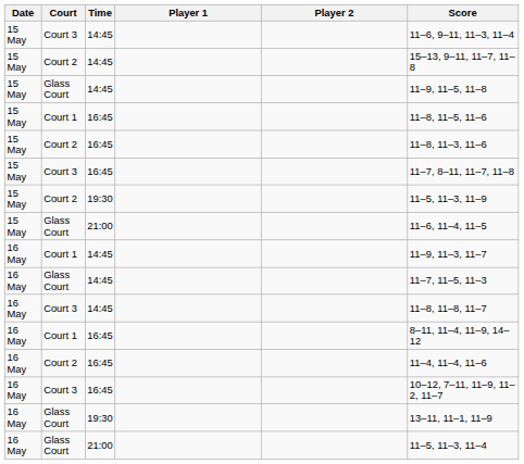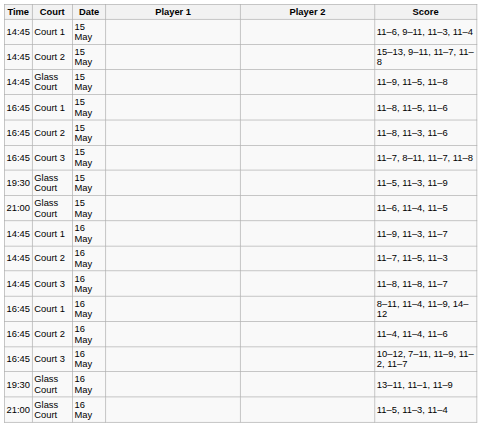 <table class="sortable wikitable" style="font-size:90%">
 <tr>
+<th width="30">Time</th>
+<th width="55">Court</th>
 <th width="45" class="unsortable">Date</th>
-<th width="55">Court</th>
-<th width="30">Time</th>
 <th width="200">Player 1</th>
 <th width="200">Player 2</th>
 <th width="150" class="unsortable">Score</th>
 </tr>
 <tr>
+<td>14:45</td>
+<td>Court 1</td>
 <td>15 May</td>
-<td>Court 3</td>
-<td>14:45</td>
 <td><strong></strong></td>
 <td></td>
 <td>11–6, 9–11, 11–3, 11–4</td>
 </tr>
 <tr>
+<td>14:45</td>
+<td>Court 2</td>
 <td>15 May</td>
-<td>Court 2</td>
-<td>14:45</td>
 <td></td>
 <td><strong></strong></td>
 <td>15–13, 9–11, 11–7, 11–8</td>
 </tr>
 <tr>
+<td>14:45</td>
+<td>Glass Court</td>
 <td>15 May</td>
-<td>Glass Court</td>
-<td>14:45</td>
 <td><strong></strong></td>
 <td></td>
 <td>11–9, 11–5, 11–8</td>
 </tr>
 <tr>
+<td>16:45</td>
+<td>Court 1</td>
 <td>15 May</td>
-<td>Court 1</td>
-<td>16:45</td>
 <td></td>
 <td><strong></strong></td>
 <td>11–8, 11–5, 11–6</td>
 </tr>
 <tr>
+<td>16:45</td>
+<td>Court 2</td>
 <td>15 May</td>
-<td>Court 2</td>
-<td>16:45</td>
 <td><strong></strong></td>
 <td></td>
 <td>11–8, 11–3, 11–6</td>
 </tr>
 <tr>
+<td>16:45</td>
+<td>Court 3</td>
 <td>15 May</td>
-<td>Court 3</td>
-<td>16:45</td>
 <td></td>
 <td><strong></strong></td>
 <td>11–7, 8–11, 11–7, 11–8</td>
 </tr>
 <tr>
+<td>19:30</td>
+<td>Glass Court</td>
 <td>15 May</td>
-<td>Court 2</td>
-<td>19:30</td>
 <td><strong></strong></td>
 <td></td>
 <td>11–5, 11–3, 11–9</td>
 </tr>
 <tr>
+<td>21:00</td>
+<td>Glass Court</td>
 <td>15 May</td>
-<td>Glass Court</td>
-<td>21:00</td>
 <td></td>
 <td><strong></strong></td>
 <td>11–6, 11–4, 11–5</td>
 </tr>
 <tr>
+<td>14:45</td>
+<td>Court 1</td>
 <td>16 May</td>
-<td>Court 1</td>
-<td>14:45</td>
 <td></td>
 <td><strong></strong></td>
 <td>11–9, 11–3, 11–7</td>
 </tr>
 <tr>
+<td>14:45</td>
+<td>Court 2</td>
 <td>16 May</td>
-<td>Glass Court</td>
-<td>14:45</td>
 <td><strong></strong></td>
 <td></td>
 <td>11–7, 11–5, 11–3</td>
 </tr>
 <tr>
+<td>14:45</td>
+<td>Court 3</td>
 <td>16 May</td>
-<td>Court 3</td>
-<td>14:45</td>
 <td></td>
 <td><strong></strong></td>
 <td>11–8, 11–8, 11–7</td>
 </tr>
 <tr>
+<td>16:45</td>
+<td>Court 1</td>
 <td>16 May</td>
-<td>Court 1</td>
-<td>16:45</td>
 <td><strong></strong></td>
 <td></td>
 <td>8–11, 11–4, 11–9, 14–12</td>
 </tr>
 <tr>
+<td>16:45</td>
+<td>Court 2</td>
 <td>16 May</td>
-<td>Court 2</td>
-<td>16:45</td>
 <td><strong></strong></td>
 <td></td>
 <td>11–4, 11–4, 11–6</td>
 </tr>
 <tr>
+<td>16:45</td>
+<td>Court 3</td>
 <td>16 May</td>
-<td>Court 3</td>
-<td>16:45</td>
 <td><strong></strong></td>
 <td></td>
 <td>10–12, 7–11, 11–9, 11–2, 11–7</td>
 </tr>
 <tr>
+<td>19:30</td>
+<td>Glass Court</td>
 <td>16 May</td>
-<td>Glass Court</td>
-<td>19:30</td>
 <td></td>
 <td><strong></strong></td>
 <td>13–11, 11–1, 11–9</td>
 </tr>
 <tr>
+<td>21:00</td>
+<td>Glass Court</td>
 <td>16 May</td>
-<td>Glass Court</td>
-<td>21:00</td>
 <td><strong></strong></td>
 <td></td>
 <td>11–5, 11–3, 11–4</td>
 </tr>
 </table>
